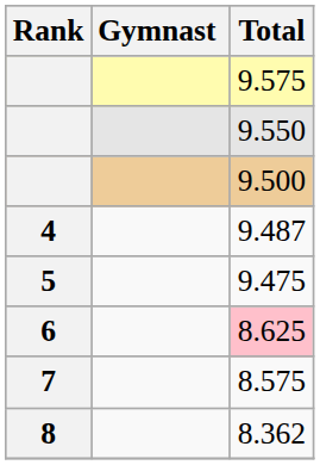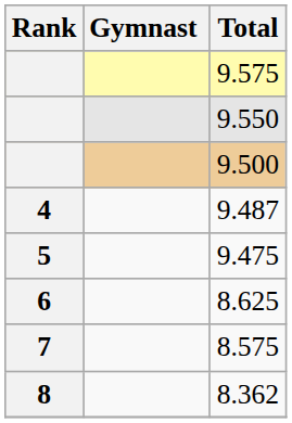 <table class="wikitable sortable" style="text-align:center; font-size:95%">
 <tr>
 <th scope=col>Rank</th>
 <th scope=col>Gymnast </th>
 <th scope=col>Total</th>
 </tr>
 <tr bgcolor=fffcaf>
 <th scope=row style="text-align:center"></th>
 <td align=left> </td>
 <td>9.575</td>
 </tr>
 <tr bgcolor=e5e5e5>
 <th scope=row style="text-align:center"></th>
 <td align=left> </td>
 <td>9.550</td>
 </tr>
 <tr bgcolor=eecc99>
 <th scope=row style="text-align:center"></th>
 <td align=left> </td>
 <td>9.500</td>
 </tr>
 <tr>
 <th scope=row style="text-align:center">4</th>
 <td align=left> </td>
 <td>9.487</td>
 </tr>
 <tr>
 <th scope=row style="text-align:center">5</th>
 <td align=left> </td>
 <td>9.475</td>
 </tr>
 <tr>
 <th scope=row style="text-align:center">6</th>
 <td align=left> </td>
-<td style="background: pink;">8.625</td>
+<td>8.625</td>
 </tr>
 <tr>
 <th scope=row style="text-align:center">7</th>
 <td align=left> </td>
 <td>8.575</td>
 </tr>
 <tr>
 <th scope=row style="text-align:center">8</th>
 <td align=left> </td>
 <td>8.362</td>
 </tr>
 <tr>
 </tr>
 </table>
